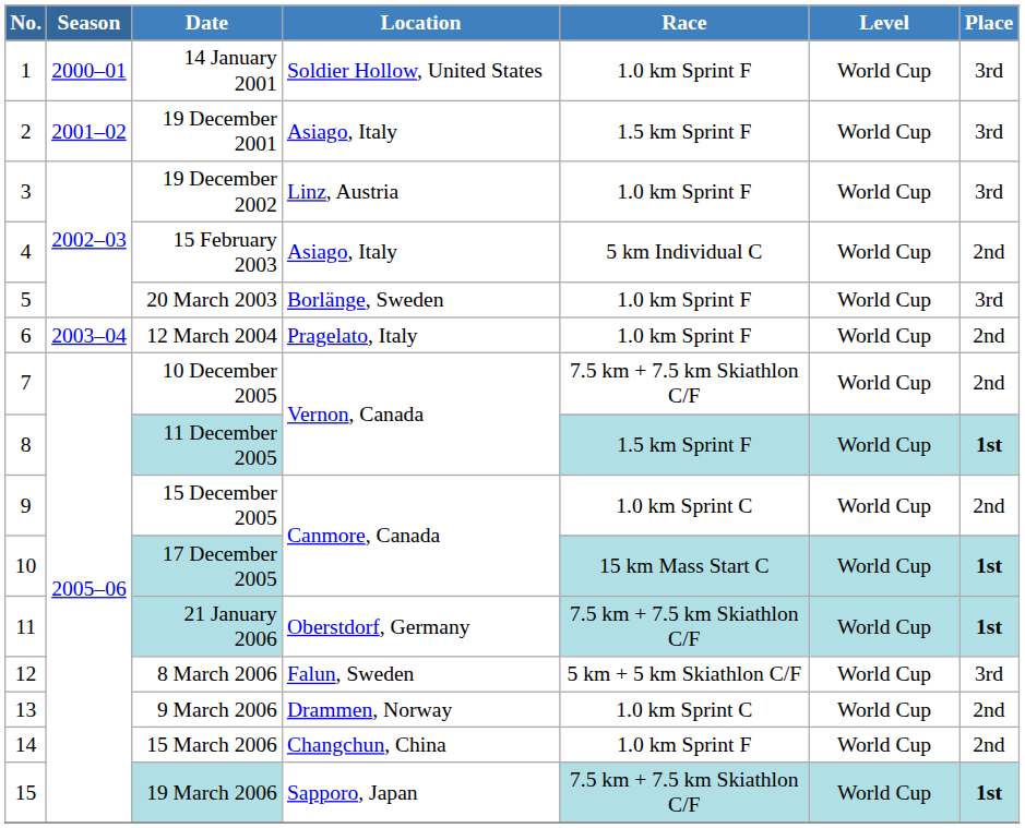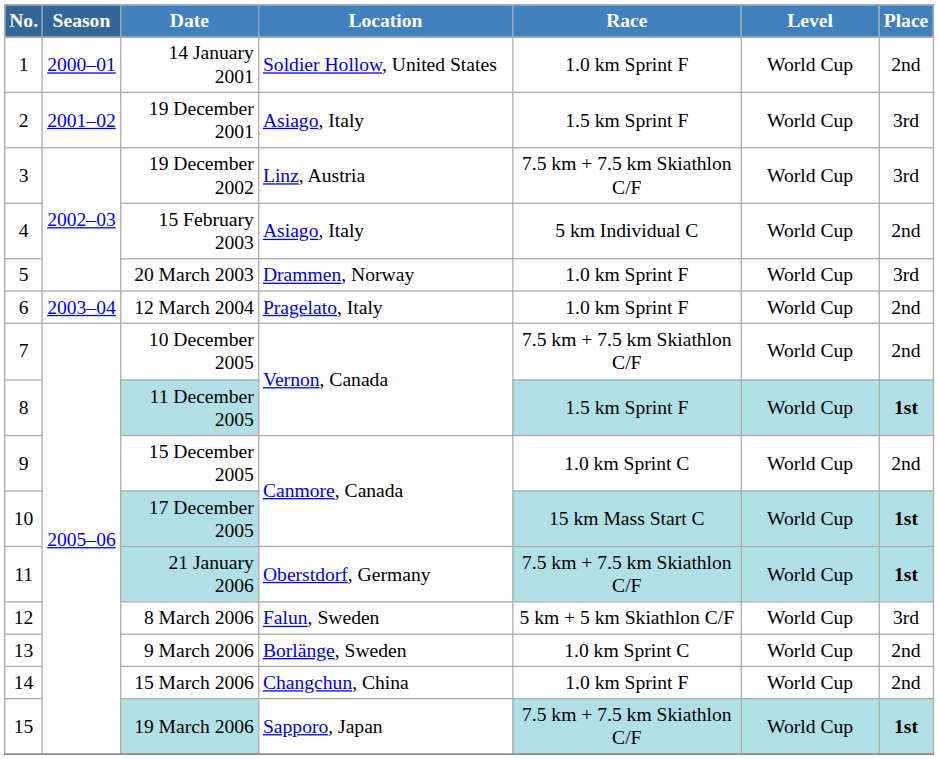 <table class="wikitable sortable" style="font-size:95%; text-align:center; border:grey solid 1px; border-collapse:collapse; background:#ffffff;">
 <tr style="background:#efefef;">
 <th style="background-color:#369; color:white;">No.</th>
 <th style="background-color:#369; color:white;">Season</th>
 <th style="background-color:#4180be; color:white; width:100px;">Date</th>
 <th style="background-color:#4180be; color:white; width:190px;">Location</th>
 <th style="background-color:#4180be; color:white; width:170px;">Race</th>
 <th style="background-color:#4180be; color:white; width:100px;">Level</th>
 <th style="background-color:#4180be; color:white;">Place</th>
 </tr>
 <tr>
 <td align=center>1</td>
 <td rowspan=1 align=center><a href='#'>2000–01</a></td>
 <td align=right>14 January 2001</td>
 <td align=left> <a href='#'>Soldier Hollow</a>, United States</td>
 <td>1.0 km Sprint F</td>
 <td>World Cup</td>
-<td>3rd</td>
+<td>2nd</td>
 </tr>
 <tr>
 <td align=center>2</td>
 <td rowspan=1 align=center><a href='#'>2001–02</a></td>
 <td align=right>19 December 2001</td>
 <td align=left> <a href='#'>Asiago</a>, Italy</td>
 <td>1.5 km Sprint F</td>
 <td>World Cup</td>
 <td>3rd</td>
 </tr>
 <tr>
 <td align=center>3</td>
 <td rowspan=3 align=center><a href='#'>2002–03</a></td>
 <td align=right>19 December 2002</td>
 <td align=left> <a href='#'>Linz</a>, Austria</td>
-<td>1.0 km Sprint F</td>
+<td>7.5 km + 7.5 km Skiathlon C/F</td>
 <td>World Cup</td>
 <td>3rd</td>
 </tr>
 <tr>
 <td align=center>4</td>
 <td align=right>15 February 2003</td>
 <td align=left> <a href='#'>Asiago</a>, Italy</td>
 <td>5 km Individual C</td>
 <td>World Cup</td>
 <td>2nd</td>
 </tr>
 <tr>
 <td align=center>5</td>
 <td align=right>20 March 2003</td>
-<td align=left> <a href='#'>Borlänge</a>, Sweden</td>
+<td align=left> <a href='#'>Drammen</a>, Norway</td>
 <td>1.0 km Sprint F</td>
 <td>World Cup</td>
 <td>3rd</td>
 </tr>
 <tr>
 <td align=center>6</td>
 <td rowspan=1 align=center><a href='#'>2003–04</a></td>
 <td align=right>12 March 2004</td>
 <td align=left> <a href='#'>Pragelato</a>, Italy</td>
 <td>1.0 km Sprint F</td>
 <td>World Cup</td>
 <td>2nd</td>
 </tr>
 <tr>
 <td align=center>7</td>
 <td rowspan=9 align=center><a href='#'>2005–06</a></td>
 <td align=right>10 December 2005</td>
 <td rowspan=2 align=left> <a href='#'>Vernon</a>, Canada</td>
 <td>7.5 km + 7.5 km Skiathlon C/F</td>
 <td>World Cup</td>
 <td>2nd</td>
 </tr>
 <tr>
 <td align=center>8</td>
 <td bgcolor="#BOEOE6" align=right>11 December 2005</td>
 <td bgcolor="#BOEOE6">1.5 km Sprint F</td>
 <td bgcolor="#BOEOE6">World Cup</td>
 <td bgcolor="#BOEOE6"><strong>1st</strong></td>
 </tr>
 <tr>
 <td align=center>9</td>
 <td align=right>15 December 2005</td>
 <td rowspan=2 align=left> <a href='#'>Canmore</a>, Canada</td>
 <td>1.0 km Sprint C</td>
 <td>World Cup</td>
 <td>2nd</td>
 </tr>
 <tr>
 <td align=center>10</td>
 <td bgcolor="#BOEOE6" align=right>17 December 2005</td>
 <td bgcolor="#BOEOE6">15 km Mass Start C</td>
 <td bgcolor="#BOEOE6">World Cup</td>
 <td bgcolor="#BOEOE6"><strong>1st</strong></td>
 </tr>
 <tr>
 <td align=center>11</td>
 <td bgcolor="#BOEOE6" align=right>21 January 2006</td>
 <td align=left> <a href='#'>Oberstdorf</a>, Germany</td>
 <td bgcolor="#BOEOE6">7.5 km + 7.5 km Skiathlon  C/F</td>
 <td bgcolor="#BOEOE6">World Cup</td>
 <td bgcolor="#BOEOE6"><strong>1st</strong></td>
 </tr>
 <tr>
 <td align=center>12</td>
 <td align=right>8 March 2006</td>
 <td align=left> <a href='#'>Falun</a>, Sweden</td>
 <td>5 km + 5 km Skiathlon  C/F</td>
 <td>World Cup</td>
 <td>3rd</td>
 </tr>
 <tr>
 <td align=center>13</td>
 <td align=right>9 March 2006</td>
-<td align=left> <a href='#'>Drammen</a>, Norway</td>
+<td align=left> <a href='#'>Borlänge</a>, Sweden</td>
 <td>1.0 km Sprint C</td>
 <td>World Cup</td>
 <td>2nd</td>
 </tr>
 <tr>
 <td align=center>14</td>
 <td align=right>15 March 2006</td>
 <td align=left> <a href='#'>Changchun</a>, China</td>
 <td>1.0 km Sprint F</td>
 <td>World Cup</td>
 <td>2nd</td>
 </tr>
 <tr>
 <td align=center>15</td>
 <td bgcolor="#BOEOE6" align=right>19 March 2006</td>
 <td align=left> <a href='#'>Sapporo</a>, Japan</td>
 <td bgcolor="#BOEOE6">7.5 km + 7.5 km Skiathlon  C/F</td>
 <td bgcolor="#BOEOE6">World Cup</td>
 <td bgcolor="#BOEOE6"><strong>1st</strong></td>
 </tr>
 <tr>
 </tr>
 </table>
